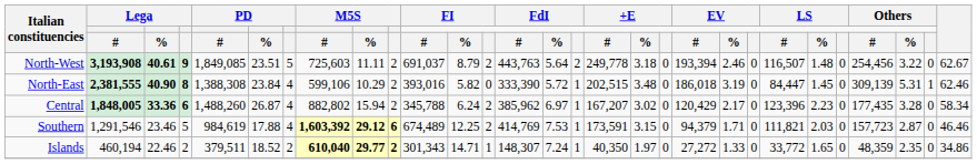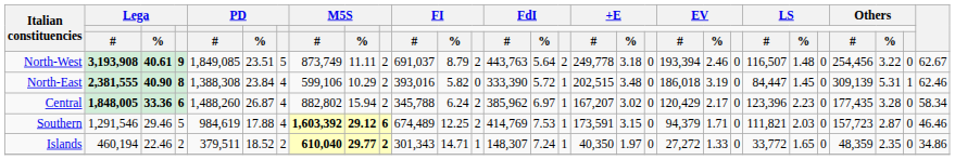 <table class="wikitable sortable" style="font-size:90%;text-align:right;">
 <tr>
 <th rowspan="3">Italian<br>constituencies</th>
 <th colspan="3"><a href='#'>Lega</a></th>
 <th colspan="3"><a href='#'>PD</a></th>
 <th colspan="3"><a href='#'>M5S</a></th>
 <th colspan="3"><a href='#'>FI</a></th>
 <th colspan="3"><a href='#'>FdI</a></th>
 <th colspan="3"><a href='#'>+E</a></th>
 <th colspan="3"><a href='#'>EV</a></th>
 <th colspan="3"><a href='#'>LS</a></th>
 <th colspan="3">Others</th>
 <th rowspan="3"></th>
 </tr>
 <tr>
 <th style="background:"></th>
 <th style="background:"></th>
 <th style="background:"></th>
 <th style="background:"></th>
 <th style="background:"></th>
 <th style="background:"></th>
 <th style="background:"></th>
 <th style="background:"></th>
 <th style="background:"></th>
 </tr>
 <tr>
 <th>#</th>
 <th>%</th>
 <th></th>
 <th>#</th>
 <th>%</th>
 <th></th>
 <th>#</th>
 <th>%</th>
 <th></th>
 <th>#</th>
 <th>%</th>
 <th></th>
 <th>#</th>
 <th>%</th>
 <th></th>
 <th>#</th>
 <th>%</th>
 <th></th>
 <th>#</th>
 <th>%</th>
 <th></th>
 <th>#</th>
 <th>%</th>
 <th></th>
 <th>#</th>
 <th>%</th>
 <th></th>
 </tr>
 <tr>
 <td><a href='#'>North-West</a></td>
 <td style="background:#D2EED9;"><strong>3,193,908</strong></td>
 <td style="background:#D2EED9;"><strong>40.61</strong></td>
 <td style="background:#D2EED9;"><strong>9</strong></td>
 <td>1,849,085</td>
 <td>23.51</td>
 <td>5</td>
-<td>725,603</td>
+<td>873,749</td>
 <td>11.11</td>
 <td>2</td>
 <td>691,037</td>
 <td>8.79</td>
 <td>2</td>
 <td>443,763</td>
 <td>5.64</td>
 <td>2</td>
 <td>249,778</td>
 <td>3.18</td>
 <td>0</td>
 <td>193,394</td>
 <td>2.46</td>
 <td>0</td>
 <td>116,507</td>
 <td>1.48</td>
 <td>0</td>
 <td>254,456</td>
 <td>3.22</td>
 <td>0</td>
 <td>62.67</td>
 </tr>
 <tr>
 <td><a href='#'>North-East</a></td>
 <td style="background:#D2EED9;"><strong>2,381,555</strong></td>
 <td style="background:#D2EED9;"><strong>40.90</strong></td>
 <td style="background:#D2EED9;"><strong>8</strong></td>
 <td>1,388,308</td>
 <td>23.84</td>
 <td>4</td>
 <td>599,106</td>
 <td>10.29</td>
 <td>2</td>
 <td>393,016</td>
 <td>5.82</td>
 <td>0</td>
 <td>333,390</td>
 <td>5.72</td>
 <td>1</td>
 <td>202,515</td>
 <td>3.48</td>
 <td>0</td>
 <td>186,018</td>
 <td>3.19</td>
 <td>0</td>
 <td>84,447</td>
 <td>1.45</td>
 <td>0</td>
 <td>309,139</td>
 <td>5.31</td>
 <td>1</td>
 <td>62.46</td>
 </tr>
 <tr>
 <td><a href='#'>Central</a></td>
 <td style="background:#D2EED9;"><strong>1,848,005</strong></td>
 <td style="background:#D2EED9;"><strong>33.36</strong></td>
 <td style="background:#D2EED9;"><strong>6</strong></td>
 <td>1,488,260</td>
 <td>26.87</td>
 <td>4</td>
 <td>882,802</td>
 <td>15.94</td>
 <td>2</td>
 <td>345,788</td>
 <td>6.24</td>
 <td>2</td>
 <td>385,962</td>
 <td>6.97</td>
 <td>1</td>
 <td>167,207</td>
 <td>3.02</td>
 <td>0</td>
 <td>120,429</td>
 <td>2.17</td>
 <td>0</td>
 <td>123,396</td>
 <td>2.23</td>
 <td>0</td>
 <td>177,435</td>
 <td>3.28</td>
 <td>0</td>
 <td>58.34</td>
 </tr>
 <tr>
 <td><a href='#'>Southern</a></td>
 <td>1,291,546</td>
-<td>23.46</td>
+<td>29.46</td>
 <td>5</td>
 <td>984,619</td>
 <td>17.88</td>
 <td>4</td>
 <td style="background:#FFFFBF;"><strong>1,603,392</strong></td>
 <td style="background:#FFFFBF;"><strong>29.12</strong></td>
 <td style="background:#FFFFBF;"><strong>6</strong></td>
 <td>674,489</td>
 <td>12.25</td>
 <td>2</td>
 <td>414,769</td>
 <td>7.53</td>
 <td>1</td>
 <td>173,591</td>
 <td>3.15</td>
 <td>0</td>
 <td>94,379</td>
 <td>1.71</td>
 <td>0</td>
 <td>111,821</td>
 <td>2.03</td>
 <td>0</td>
 <td>157,723</td>
 <td>2.87</td>
 <td>0</td>
 <td>46.46</td>
 </tr>
 <tr>
 <td><a href='#'>Islands</a></td>
 <td>460,194</td>
 <td>22.46</td>
 <td>2</td>
 <td>379,511</td>
 <td>18.52</td>
 <td>2</td>
 <td style="background:#FFFFBF;"><strong>610,040</strong></td>
 <td style="background:#FFFFBF;"><strong>29.77</strong></td>
 <td style="background:#FFFFBF;"><strong>2</strong></td>
 <td>301,343</td>
 <td>14.71</td>
 <td>1</td>
 <td>148,307</td>
 <td>7.24</td>
 <td>1</td>
 <td>40,350</td>
 <td>1.97</td>
 <td>0</td>
 <td>27,272</td>
 <td>1.33</td>
 <td>0</td>
 <td>33,772</td>
 <td>1.65</td>
 <td>0</td>
 <td>48,359</td>
 <td>2.35</td>
 <td>0</td>
 <td>34.86</td>
 </tr>
 <tr>
 </tr>
 </table>
